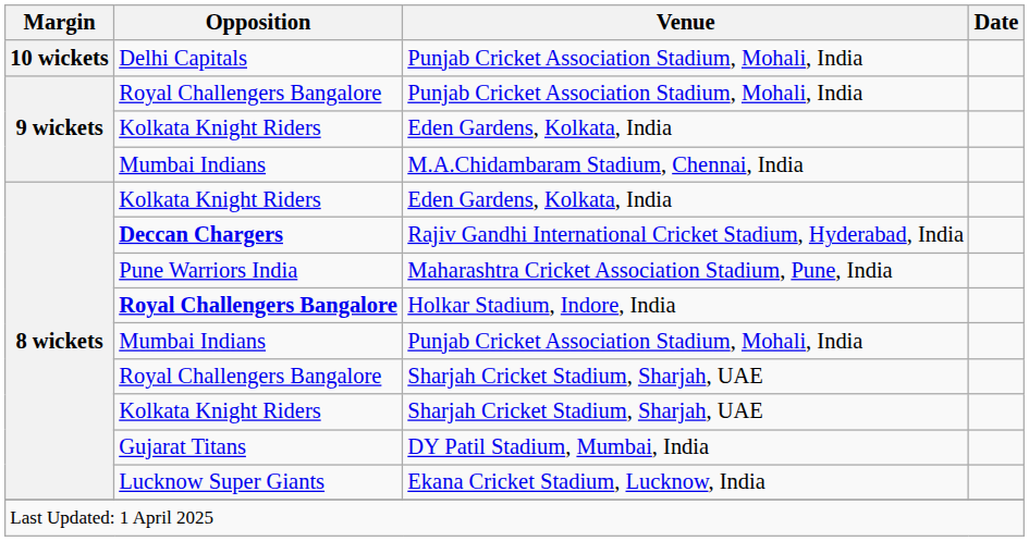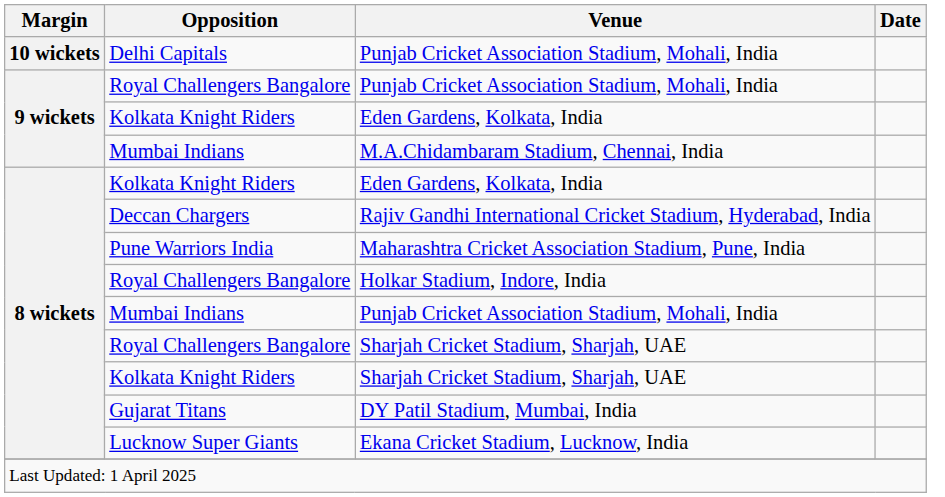 <table class="wikitable">
 <tr>
 <th>Margin</th>
 <th>Opposition</th>
 <th>Venue</th>
 <th>Date</th>
 </tr>
 <tr>
 <th>10 wickets</th>
 <td><a href='#'>Delhi Capitals</a></td>
 <td><a href='#'>Punjab Cricket Association Stadium</a>, <a href='#'>Mohali</a>, India</td>
 <td></td>
 </tr>
 <tr>
 <th rowspan=3>9 wickets</th>
 <td><a href='#'>Royal Challengers Bangalore</a></td>
 <td><a href='#'>Punjab Cricket Association Stadium</a>, <a href='#'>Mohali</a>, India</td>
 <td></td>
 </tr>
 <tr>
 <td><a href='#'>Kolkata Knight Riders</a></td>
 <td><a href='#'>Eden Gardens</a>, <a href='#'>Kolkata</a>, India</td>
 <td></td>
 </tr>
 <tr>
 <td><a href='#'>Mumbai Indians</a></td>
 <td><a href='#'>M.A.Chidambaram Stadium</a>, <a href='#'>Chennai</a>, India</td>
 <td></td>
 </tr>
 <tr>
 <th rowspan=9>8 wickets</th>
 <td><a href='#'>Kolkata Knight Riders</a></td>
 <td><a href='#'>Eden Gardens</a>, <a href='#'>Kolkata</a>, India</td>
 <td></td>
 </tr>
 <tr>
-<td><strong><a href='#'>Deccan Chargers</a></strong></td>
+<td><a href='#'>Deccan Chargers</a></td>
 <td><a href='#'>Rajiv Gandhi International Cricket Stadium</a>, <a href='#'>Hyderabad</a>, India</td>
 <td></td>
 </tr>
 <tr>
 <td><a href='#'>Pune Warriors India</a></td>
 <td><a href='#'>Maharashtra Cricket Association Stadium</a>, <a href='#'>Pune</a>, India</td>
 <td></td>
 </tr>
 <tr>
-<td><strong><a href='#'>Royal Challengers Bangalore</a></strong></td>
+<td><a href='#'>Royal Challengers Bangalore</a></td>
 <td><a href='#'>Holkar Stadium</a>, <a href='#'>Indore</a>, India</td>
 <td></td>
 </tr>
 <tr>
 <td><a href='#'>Mumbai Indians</a></td>
 <td><a href='#'>Punjab Cricket Association Stadium</a>, <a href='#'>Mohali</a>, India</td>
 <td></td>
 </tr>
 <tr>
 <td><a href='#'>Royal Challengers Bangalore</a></td>
 <td><a href='#'>Sharjah Cricket Stadium</a>, <a href='#'>Sharjah</a>, UAE</td>
 <td></td>
 </tr>
 <tr>
 <td><a href='#'>Kolkata Knight Riders</a></td>
 <td><a href='#'>Sharjah Cricket Stadium</a>, <a href='#'>Sharjah</a>, UAE</td>
 <td></td>
 </tr>
 <tr>
 <td><a href='#'>Gujarat Titans</a></td>
 <td><a href='#'>DY Patil Stadium</a>, <a href='#'>Mumbai</a>, India</td>
 <td></td>
 </tr>
 <tr>
 <td><a href='#'>Lucknow Super Giants</a></td>
 <td><a href='#'>Ekana Cricket Stadium</a>, <a href='#'>Lucknow</a>, India</td>
 <td></td>
 </tr>
 <tr>
 </tr>
 <tr class=sortbottom>
 <td colspan=4><small>Last Updated: 1 April 2025</small></td>
 </tr>
 </table>
